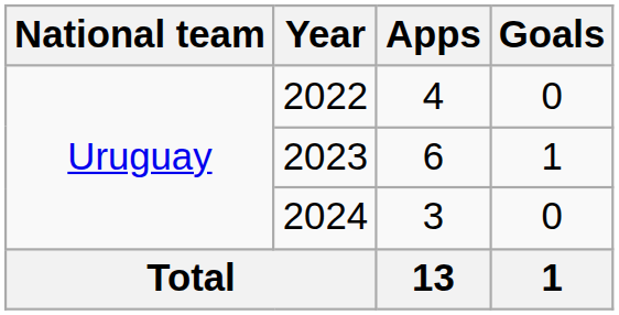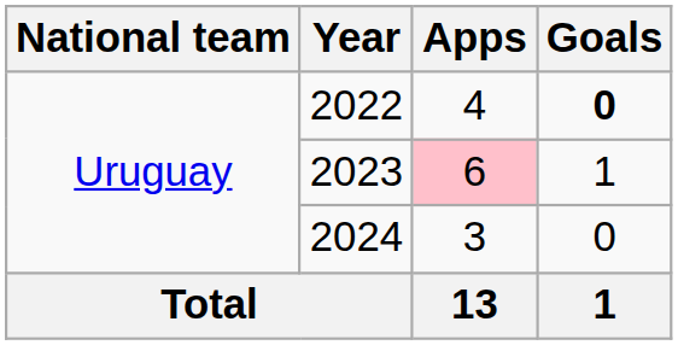 <table class="wikitable" style="text-align:center">
 <tr>
 <th>National team</th>
 <th>Year</th>
 <th>Apps</th>
 <th>Goals</th>
 </tr>
 <tr>
 <td rowspan="3"><a href='#'>Uruguay</a></td>
 <td>2022</td>
 <td>4</td>
-<td>0</td>
+<td><strong>0</strong></td>
 </tr>
 <tr>
 <td>2023</td>
-<td>6</td>
+<td style="background: pink;">6</td>
 <td>1</td>
 </tr>
 <tr>
 <td>2024</td>
 <td>3</td>
 <td>0</td>
 </tr>
 <tr>
 <th colspan="2">Total</th>
 <th>13</th>
 <th>1</th>
 </tr>
 </table>
